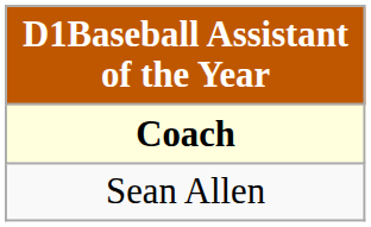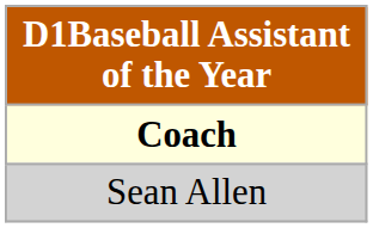 <table class="wikitable" style="text-align:center">
 <tr>
 <td colspan="5" style= "background: #BF5700; color:white"><strong>D1Baseball Assistant of the Year</strong></td>
 </tr>
 <tr>
 <th style="width:150px; background: #ffffdd;">Coach</th>
 </tr>
 <tr>
-<td>Sean Allen</td>
+<td style="background: lightgrey;">Sean Allen</td>
 </tr>
 </table>
